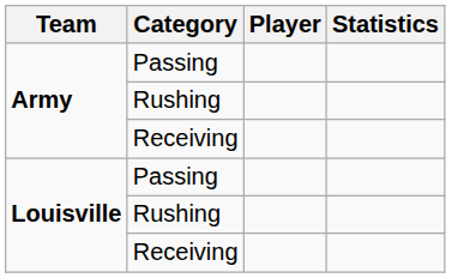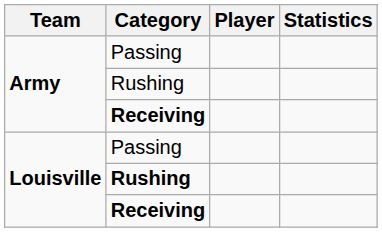 <table class="wikitable" style="float: left;">
 <tr>
 <th>Team</th>
 <th>Category</th>
 <th>Player</th>
 <th>Statistics</th>
 </tr>
 <tr>
 <td rowspan=3><strong>Army</strong></td>
 <td>Passing</td>
 <td></td>
 <td></td>
 </tr>
 <tr>
 <td>Rushing</td>
 <td></td>
 <td></td>
 </tr>
 <tr>
-<td>Receiving</td>
+<td><strong>Receiving</strong></td>
 <td></td>
 <td></td>
 </tr>
 <tr>
 <td rowspan=3><strong>Louisville</strong></td>
 <td>Passing</td>
 <td></td>
 <td></td>
 </tr>
 <tr>
-<td>Rushing</td>
+<td><strong>Rushing</strong></td>
 <td></td>
 <td></td>
 </tr>
 <tr>
-<td>Receiving</td>
+<td><strong>Receiving</strong></td>
 <td></td>
 <td></td>
 </tr>
 </table>
